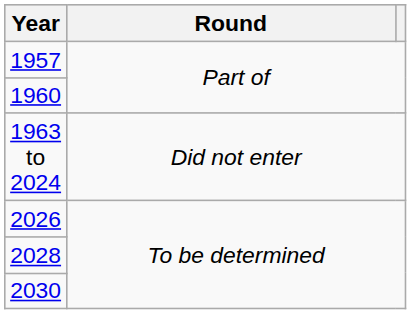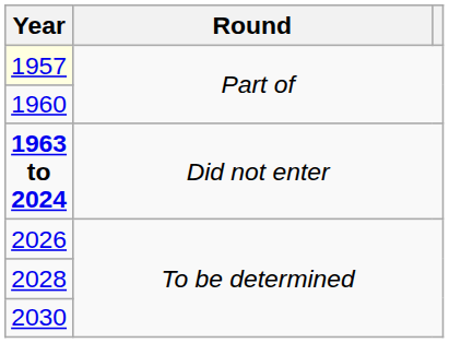 <table class="wikitable" style="text-align: center; font-size:90%">
 <tr>
 <th>Year</th>
 <th style="width:200px">Round</th>
 <th></th>
 </tr>
 <tr>
-<td><a href='#'>1957</a></td>
+<td style="background: lightyellow;"><a href='#'>1957</a></td>
 <td colspan="2" rowspan="2"><em>Part of </em></td>
 </tr>
 <tr>
 <td><a href='#'>1960</a></td>
 </tr>
 <tr>
-<td><a href='#'>1963</a><br>to<br><a href='#'>2024</a></td>
+<td><strong><a href='#'>1963</a><br>to<br><a href='#'>2024</a></strong></td>
 <td colspan="2"><em>Did not enter</em></td>
 </tr>
 <tr>
 <td><a href='#'>2026</a></td>
 <td colspan="2" rowspan="3"><em>To be determined</em></td>
 </tr>
 <tr>
 <td><a href='#'>2028</a></td>
 </tr>
 <tr>
 <td><a href='#'>2030</a></td>
 </tr>
 </table>
